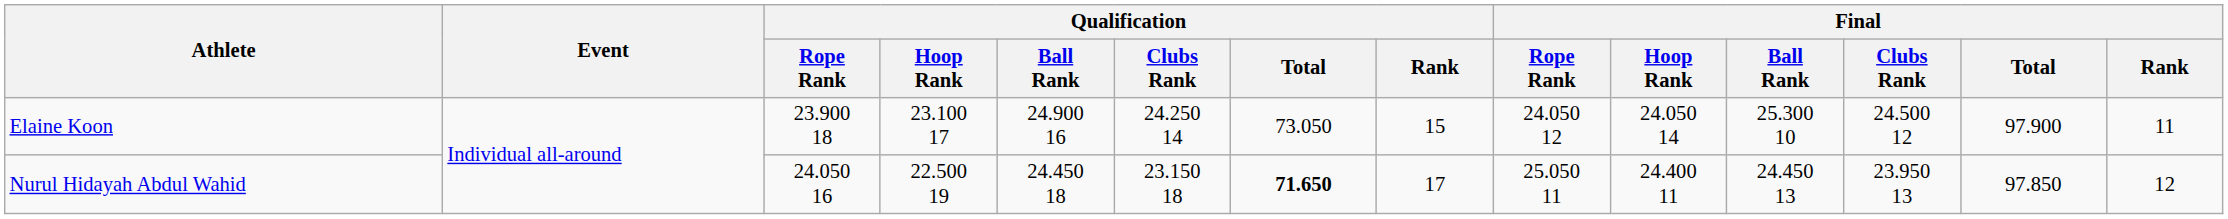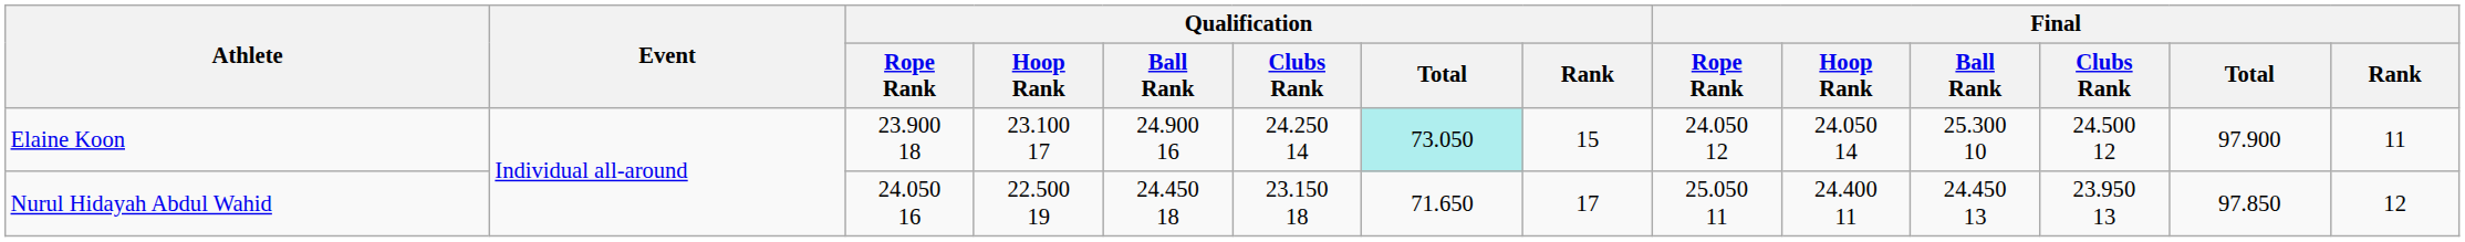 <table class="wikitable" width="98%" style="text-align:center; font-size:90%">
 <tr>
 <th rowspan=2 width="15%">Athlete</th>
 <th rowspan=2 width="11%">Event</th>
 <th colspan=6>Qualification</th>
 <th colspan=6>Final</th>
 </tr>
 <tr>
 <th width="4%"><a href='#'>Rope</a><br>Rank</th>
 <th width="4%"><a href='#'>Hoop</a><br>Rank</th>
 <th width="4%"><a href='#'>Ball</a><br>Rank</th>
 <th width="4%"><a href='#'>Clubs</a><br>Rank</th>
 <th width="5%">Total</th>
 <th width="4%">Rank</th>
 <th width="4%"><a href='#'>Rope</a><br>Rank</th>
 <th width="4%"><a href='#'>Hoop</a><br>Rank</th>
 <th width="4%"><a href='#'>Ball</a><br>Rank</th>
 <th width="4%"><a href='#'>Clubs</a><br>Rank</th>
 <th width="5%">Total</th>
 <th width="4%">Rank</th>
 </tr>
 <tr>
 <td align="left"><a href='#'>Elaine Koon</a></td>
 <td align="left" rowspan=2><a href='#'>Individual all-around</a></td>
 <td>23.900<br>18</td>
 <td>23.100<br>17</td>
 <td>24.900<br>16</td>
 <td>24.250<br>14</td>
-<td>73.050</td>
+<td style="background: paleturquoise;">73.050</td>
 <td>15 <strong></strong></td>
 <td>24.050<br>12</td>
 <td>24.050<br>14</td>
 <td>25.300<br>10</td>
 <td>24.500<br>12</td>
 <td>97.900</td>
 <td>11</td>
 </tr>
 <tr>
 <td align="left"><a href='#'>Nurul Hidayah Abdul Wahid</a></td>
 <td>24.050<br>16</td>
 <td>22.500<br>19</td>
 <td>24.450<br>18</td>
 <td>23.150<br>18</td>
-<td><strong>71.650</strong></td>
+<td>71.650</td>
 <td>17 <strong></strong></td>
 <td>25.050<br>11</td>
 <td>24.400<br>11</td>
 <td>24.450<br>13</td>
 <td>23.950<br>13</td>
 <td>97.850</td>
 <td>12</td>
 </tr>
 </table>
